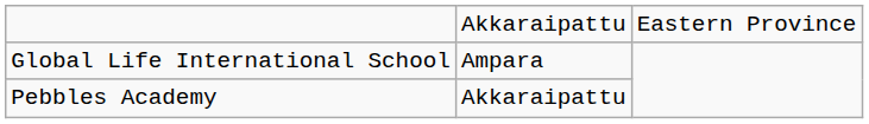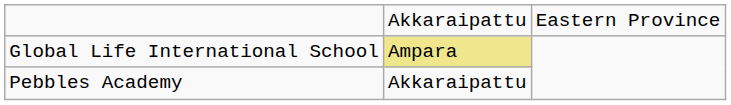 <table class="wikitable">
 <tr>
 <td></td>
 <td>Akkaraipattu</td>
 <td>Eastern Province</td>
 </tr>
 <tr>
 <td>Global Life International School</td>
-<td>Ampara</td>
+<td style="background: khaki;">Ampara</td>
 </tr>
 <tr>
 <td>Pebbles Academy</td>
 <td>Akkaraipattu</td>
 </tr>
 </table>
